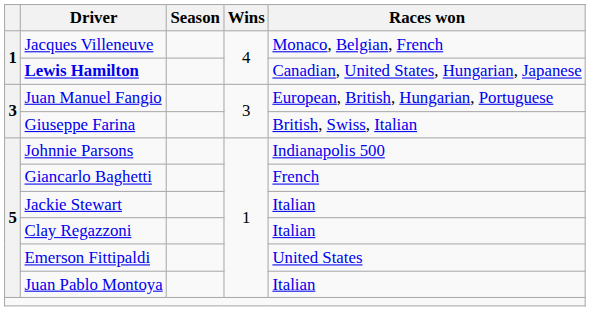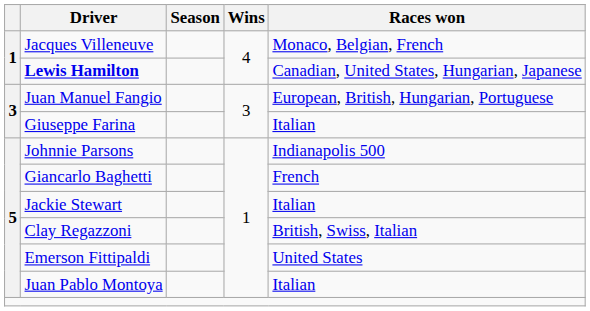 <table class="wikitable">
 <tr>
 <th></th>
 <th>Driver</th>
 <th>Season</th>
 <th>Wins</th>
 <th>Races won</th>
 </tr>
 <tr>
 <th rowspan=2>1</th>
 <td> <a href='#'>Jacques Villeneuve</a></td>
 <td align=center></td>
 <td align=center rowspan=2>4</td>
 <td><a href='#'>Monaco</a>, <a href='#'>Belgian</a>, <a href='#'>French</a></td>
 </tr>
 <tr>
 <td> <strong><a href='#'>Lewis Hamilton</a></strong></td>
 <td align=center></td>
 <td><a href='#'>Canadian</a>, <a href='#'>United States</a>, <a href='#'>Hungarian</a>, <a href='#'>Japanese</a></td>
 </tr>
 <tr>
 <th rowspan=2>3</th>
 <td> <a href='#'>Juan Manuel Fangio</a></td>
 <td align=center></td>
 <td align=center rowspan=2>3</td>
 <td><a href='#'>European</a>, <a href='#'>British</a>, <a href='#'>Hungarian</a>, <a href='#'>Portuguese</a></td>
 </tr>
 <tr>
 <td> <a href='#'>Giuseppe Farina</a></td>
 <td align=center></td>
-<td><a href='#'>British</a>, <a href='#'>Swiss</a>, <a href='#'>Italian</a></td>
+<td><a href='#'>Italian</a></td>
 </tr>
 <tr>
 <th rowspan=6>5</th>
 <td> <a href='#'>Johnnie Parsons</a></td>
 <td align=center></td>
 <td align=center rowspan=6>1</td>
 <td><a href='#'>Indianapolis 500</a></td>
 </tr>
 <tr>
 <td> <a href='#'>Giancarlo Baghetti</a></td>
 <td align=center></td>
 <td><a href='#'>French</a></td>
 </tr>
 <tr>
 <td> <a href='#'>Jackie Stewart</a></td>
 <td align=center></td>
 <td><a href='#'>Italian</a></td>
 </tr>
 <tr>
 <td> <a href='#'>Clay Regazzoni</a></td>
 <td align=center></td>
-<td><a href='#'>Italian</a></td>
+<td><a href='#'>British</a>, <a href='#'>Swiss</a>, <a href='#'>Italian</a></td>
 </tr>
 <tr>
 <td> <a href='#'>Emerson Fittipaldi</a></td>
 <td align=center></td>
 <td><a href='#'>United States</a></td>
 </tr>
 <tr>
 <td> <a href='#'>Juan Pablo Montoya</a></td>
 <td align=center></td>
 <td><a href='#'>Italian</a></td>
 </tr>
 <tr>
 <td colspan=5></td>
 </tr>
 </table>
